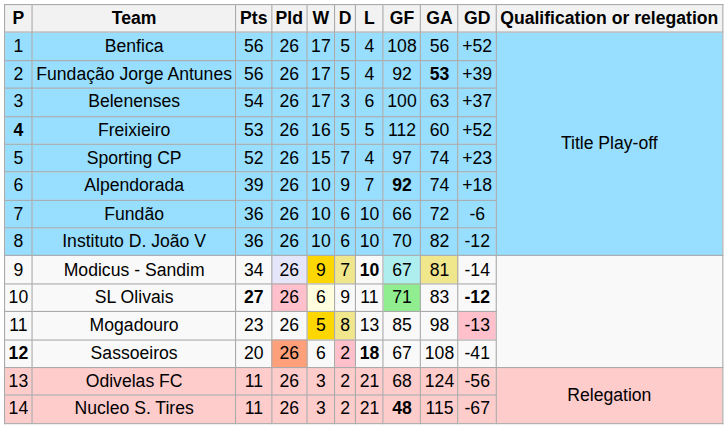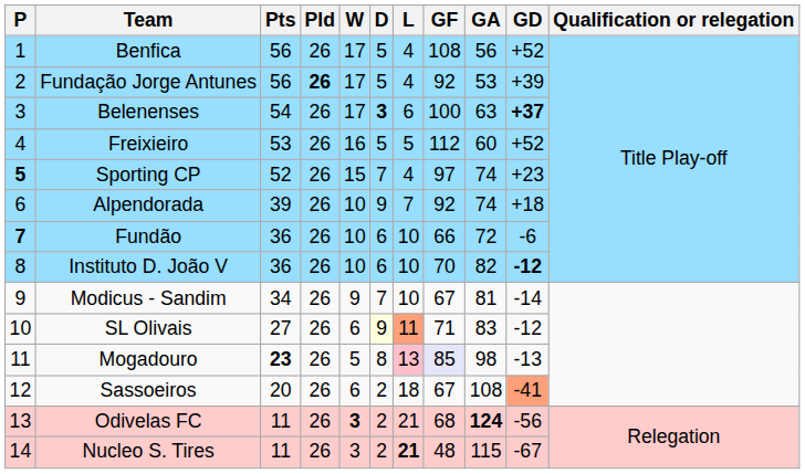 <table class="wikitable sortable" style="text-align: center;">
 <tr>
 <th align="center">P</th>
 <th align="center">Team</th>
 <th align="center">Pts</th>
 <th align="center">Pld</th>
 <th align="center">W</th>
 <th align="center">D</th>
 <th align="center">L</th>
 <th align="center">GF</th>
 <th align="center">GA</th>
 <th align="center">GD</th>
 <th align="center">Qualification or relegation</th>
 </tr>
 <tr ! style="background:#97DEFF;">
 <td>1</td>
 <td>Benfica</td>
 <td>56</td>
 <td>26</td>
 <td>17</td>
 <td>5</td>
 <td>4</td>
 <td>108</td>
 <td>56</td>
 <td>+52</td>
 <td rowspan=8 align="center">Title Play-off</td>
 </tr>
 <tr ! style="background:#97DEFF;">
 <td>2</td>
 <td>Fundação Jorge Antunes</td>
 <td>56</td>
-<td>26</td>
+<td><strong>26</strong></td>
 <td>17</td>
 <td>5</td>
 <td>4</td>
 <td>92</td>
-<td><strong>53</strong></td>
+<td>53</td>
 <td>+39</td>
 </tr>
 <tr ! style="background:#97DEFF;">
 <td>3</td>
 <td>Belenenses</td>
 <td>54</td>
 <td>26</td>
 <td>17</td>
-<td>3</td>
+<td><strong>3</strong></td>
 <td>6</td>
 <td>100</td>
 <td>63</td>
-<td>+37</td>
+<td><strong>+37</strong></td>
 </tr>
 <tr ! style="background:#97DEFF;">
-<td><strong>4</strong></td>
+<td>4</td>
 <td>Freixieiro</td>
 <td>53</td>
 <td>26</td>
 <td>16</td>
 <td>5</td>
 <td>5</td>
 <td>112</td>
 <td>60</td>
 <td>+52</td>
 </tr>
 <tr ! style="background:#97DEFF;">
-<td>5</td>
+<td><strong>5</strong></td>
 <td>Sporting CP</td>
 <td>52</td>
 <td>26</td>
 <td>15</td>
 <td>7</td>
 <td>4</td>
 <td>97</td>
 <td>74</td>
 <td>+23</td>
 </tr>
 <tr ! style="background:#97DEFF;">
 <td>6</td>
 <td>Alpendorada</td>
 <td>39</td>
 <td>26</td>
 <td>10</td>
 <td>9</td>
 <td>7</td>
-<td><strong>92</strong></td>
+<td>92</td>
 <td>74</td>
 <td>+18</td>
 </tr>
 <tr ! style="background:#97DEFF;">
-<td>7</td>
+<td><strong>7</strong></td>
 <td>Fundão</td>
 <td>36</td>
 <td>26</td>
 <td>10</td>
 <td>6</td>
 <td>10</td>
 <td>66</td>
 <td>72</td>
 <td>-6</td>
 </tr>
 <tr ! style="background:#97DEFF;">
 <td>8</td>
 <td>Instituto D. João V</td>
 <td>36</td>
 <td>26</td>
 <td>10</td>
 <td>6</td>
 <td>10</td>
 <td>70</td>
 <td>82</td>
-<td>-12</td>
+<td><strong>-12</strong></td>
 </tr>
 <tr>
 <td>9</td>
 <td>Modicus - Sandim</td>
 <td>34</td>
-<td style="background: lavender;">26</td>
-<td style="background: gold;">9</td>
-<td style="background: khaki;">7</td>
-<td><strong>10</strong></td>
-<td style="background: paleturquoise;">67</td>
-<td style="background: khaki;">81</td>
+<td>26</td>
+<td>9</td>
+<td>7</td>
+<td>10</td>
+<td>67</td>
+<td>81</td>
 <td>-14</td>
 </tr>
 <tr>
 <td>10</td>
 <td>SL Olivais</td>
-<td><strong>27</strong></td>
-<td style="background: pink;">26</td>
-<td style="background: lightyellow;">6</td>
-<td>9</td>
-<td>11</td>
-<td style="background: lightgreen;">71</td>
+<td>27</td>
+<td>26</td>
+<td>6</td>
+<td style="background: lightyellow;">9</td>
+<td style="background: lightsalmon;">11</td>
+<td>71</td>
 <td>83</td>
-<td><strong>-12</strong></td>
+<td>-12</td>
 </tr>
 <tr>
 <td>11</td>
 <td>Mogadouro</td>
-<td>23</td>
+<td><strong>23</strong></td>
 <td>26</td>
-<td style="background: gold;">5</td>
-<td style="background: khaki;">8</td>
-<td>13</td>
-<td>85</td>
+<td>5</td>
+<td>8</td>
+<td style="background: pink;">13</td>
+<td style="background: lavender;">85</td>
 <td>98</td>
-<td style="background: pink;">-13</td>
+<td>-13</td>
 </tr>
 <tr>
-<td><strong>12</strong></td>
+<td>12</td>
 <td>Sassoeiros</td>
 <td>20</td>
-<td style="background: lightsalmon;">26</td>
+<td>26</td>
 <td>6</td>
-<td style="background: pink;">2</td>
-<td><strong>18</strong></td>
+<td>2</td>
+<td>18</td>
 <td>67</td>
 <td>108</td>
-<td>-41</td>
+<td style="background: lightsalmon;">-41</td>
 </tr>
 <tr ! style="background:#FFCCCC;">
 <td>13</td>
 <td>Odivelas FC</td>
 <td>11</td>
 <td>26</td>
-<td>3</td>
+<td><strong>3</strong></td>
 <td>2</td>
 <td>21</td>
 <td>68</td>
-<td>124</td>
+<td><strong>124</strong></td>
 <td>-56</td>
 <td rowspan=2 align="center">Relegation</td>
 </tr>
 <tr ! style="background:#FFCCCC;">
 <td>14</td>
 <td>Nucleo S. Tires</td>
 <td>11</td>
 <td>26</td>
 <td>3</td>
 <td>2</td>
-<td>21</td>
-<td><strong>48</strong></td>
+<td><strong>21</strong></td>
+<td>48</td>
 <td>115</td>
 <td>-67</td>
 </tr>
 </table>
